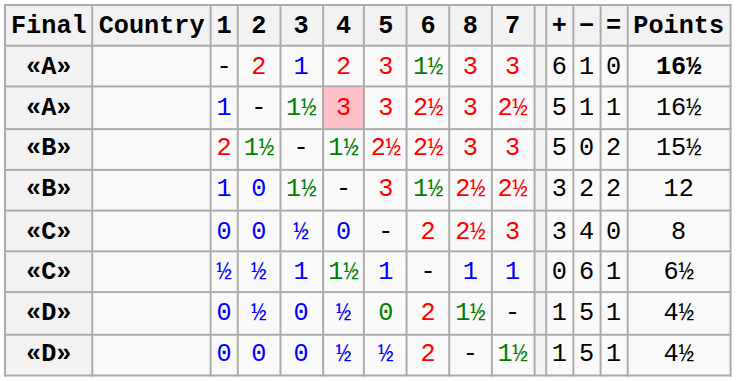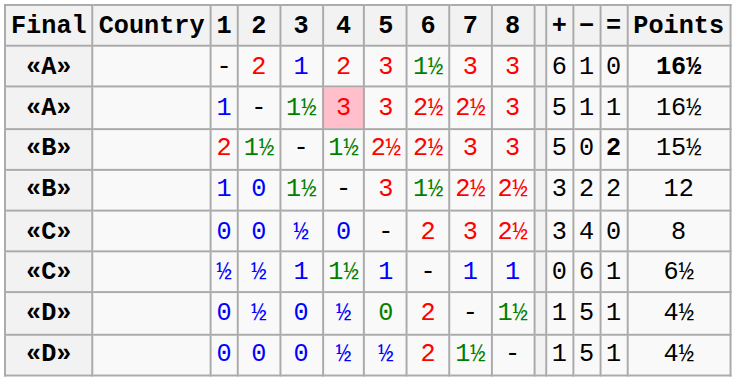 <table class="wikitable" style="text-align:center">
 <tr>
 <th>Final</th>
 <th>Country</th>
 <th>1</th>
 <th>2</th>
 <th>3</th>
 <th>4</th>
 <th>5</th>
 <th>6</th>
+<th>7</th>
 <th>8</th>
-<th>7</th>
 <th></th>
 <th>+</th>
 <th>−</th>
 <th>=</th>
 <th>Points</th>
 </tr>
 <tr>
 <th>«A»</th>
 <td style="text-align: left"></td>
 <td>-</td>
 <td style="color:red;">2</td>
 <td style="color:blue;">1</td>
 <td style="color:red;">2</td>
 <td style="color:red;">3</td>
 <td style="color:green;">1½</td>
 <td style="color:red;">3</td>
 <td style="color:red;">3</td>
 <th></th>
 <td>6</td>
 <td>1</td>
 <td>0</td>
 <td><strong>16½</strong></td>
 </tr>
 <tr>
 <th>«A»</th>
 <td style="text-align: left"></td>
 <td style="color:blue;">1</td>
 <td>-</td>
 <td style="color:green;">1½</td>
 <td style="background: pink; color:red;">3</td>
 <td style="color:red;">3</td>
 <td style="color:red;">2½</td>
+<td style="color:red;">2½</td>
 <td style="color:red;">3</td>
-<td style="color:red;">2½</td>
 <th></th>
 <td>5</td>
 <td>1</td>
 <td>1</td>
 <td>16½</td>
 </tr>
 <tr>
 <th>«B»</th>
 <td style="text-align: left"></td>
 <td style="color:red;">2</td>
 <td style="color:green;">1½</td>
 <td>-</td>
 <td style="color:green;">1½</td>
 <td style="color:red;">2½</td>
 <td style="color:red;">2½</td>
 <td style="color:red;">3</td>
 <td style="color:red;">3</td>
 <th></th>
 <td>5</td>
 <td>0</td>
-<td>2</td>
+<td><strong>2</strong></td>
 <td>15½</td>
 </tr>
 <tr>
 <th>«B»</th>
 <td style="text-align: left"></td>
 <td style="color:blue;">1</td>
 <td style="color:blue;">0</td>
 <td style="color:green;">1½</td>
 <td>-</td>
 <td style="color:red;">3</td>
 <td style="color:green;">1½</td>
 <td style="color:red;">2½</td>
 <td style="color:red;">2½</td>
 <th></th>
 <td>3</td>
 <td>2</td>
 <td>2</td>
 <td>12</td>
 </tr>
 <tr>
 <th>«C»</th>
 <td style="text-align: left"></td>
 <td style="color:blue;">0</td>
 <td style="color:blue;">0</td>
 <td style="color:blue;">½</td>
 <td style="color:blue;">0</td>
 <td>-</td>
 <td style="color:red;">2</td>
+<td style="color:red;">3</td>
 <td style="color:red;">2½</td>
-<td style="color:red;">3</td>
 <th></th>
 <td>3</td>
 <td>4</td>
 <td>0</td>
 <td>8</td>
 </tr>
 <tr>
 <th>«C»</th>
 <td style="text-align: left"></td>
 <td style="color:blue;">½</td>
 <td style="color:blue;">½</td>
 <td style="color:blue;">1</td>
 <td style="color:green;">1½</td>
 <td style="color:blue;">1</td>
 <td>-</td>
 <td style="color:blue;">1</td>
 <td style="color:blue;">1</td>
 <th></th>
 <td>0</td>
 <td>6</td>
 <td>1</td>
 <td>6½</td>
 </tr>
 <tr>
 <th>«D»</th>
 <td style="text-align: left"></td>
 <td style="color:blue;">0</td>
 <td style="color:blue;">½</td>
 <td style="color:blue;">0</td>
 <td style="color:blue;">½</td>
 <td style="color:green;">0</td>
 <td style="color:red;">2</td>
+<td>-</td>
 <td style="color:green;">1½</td>
-<td>-</td>
 <th></th>
 <td>1</td>
 <td>5</td>
 <td>1</td>
 <td>4½</td>
 </tr>
 <tr>
 <th>«D»</th>
 <td style="text-align: left"></td>
 <td style="color:blue;">0</td>
 <td style="color:blue;">0</td>
 <td style="color:blue;">0</td>
 <td style="color:blue;">½</td>
 <td style="color:blue;">½</td>
 <td style="color:red;">2</td>
+<td style="color:green;">1½</td>
 <td>-</td>
-<td style="color:green;">1½</td>
 <th></th>
 <td>1</td>
 <td>5</td>
 <td>1</td>
 <td>4½</td>
 </tr>
 </table>
